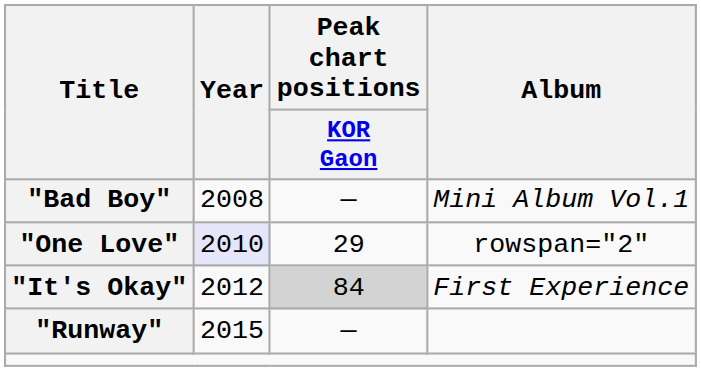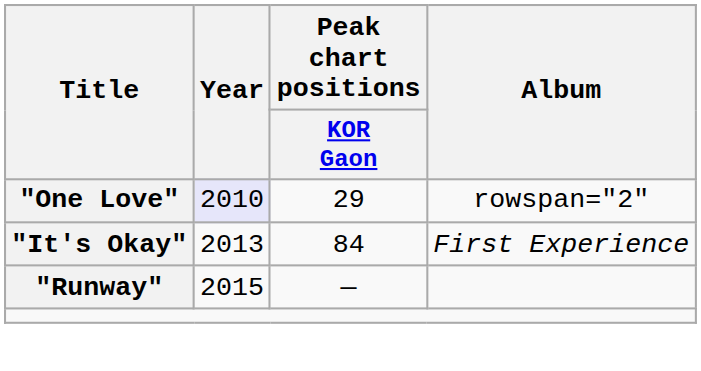 <table class="wikitable plainrowheaders" style="text-align:center">
 <tr>
 <th rowspan="2">Title</th>
 <th rowspan="2">Year</th>
 <th colspan="1">Peak chart positions</th>
 <th rowspan="2">Album</th>
 </tr>
 <tr>
 <th scope="col" style="width:3em;font-size:90%"><a href='#'>KOR<br>Gaon</a><br></th>
 </tr>
 <tr>
-<th scope="row">"Bad Boy"<br></th>
-<td>2008</td>
-<td>—</td>
-<td><em>Mini Album Vol.1</em></td>
-</tr>
-<tr>
 <th scope="row">"One Love"<br></th>
 <td style="background: lavender;">2010</td>
 <td>29</td>
 <td>rowspan="2" </td>
 </tr>
 <tr>
 <th scope="row">"It's Okay" <br></th>
-<td>2012</td>
-<td style="background: lightgrey;">84</td>
+<td>2013</td>
+<td>84</td>
 <td><em>First Experience</em></td>
 </tr>
 <tr>
 <th scope="row">"Runway"<br></th>
 <td>2015</td>
 <td>—</td>
 </tr>
 <tr>
 <td colspan="4"></td>
 </tr>
 </table>
